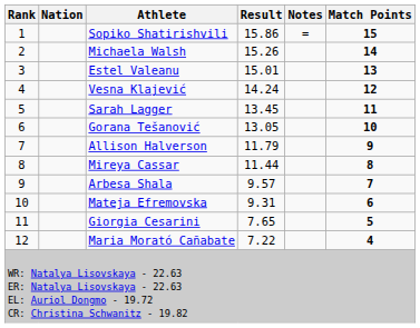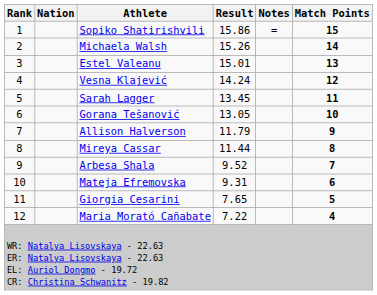 <table class="wikitable sortable" style="text-align:left;">
 <tr>
 <th>Rank</th>
 <th>Nation</th>
 <th>Athlete</th>
 <th>Result</th>
 <th>Notes</th>
 <th>Match Points</th>
 </tr>
 <tr>
 <td align=center>1</td>
 <td></td>
 <td><a href='#'>Sopiko Shatirishvili</a></td>
 <td align=center>15.86</td>
 <td align=center>=</td>
 <td align=center><strong>15</strong></td>
 </tr>
 <tr>
 <td align=center>2</td>
 <td></td>
 <td><a href='#'>Michaela Walsh</a></td>
 <td align=center>15.26</td>
 <td></td>
 <td align=center><strong>14</strong></td>
 </tr>
 <tr>
 <td align=center>3</td>
 <td></td>
 <td><a href='#'>Estel Valeanu</a></td>
 <td align=center>15.01</td>
 <td></td>
 <td align=center><strong>13</strong></td>
 </tr>
 <tr>
 <td align=center>4</td>
 <td></td>
 <td><a href='#'>Vesna Klajević</a></td>
 <td align=center>14.24</td>
 <td></td>
 <td align=center><strong>12</strong></td>
 </tr>
 <tr>
 <td align=center>5</td>
 <td></td>
 <td><a href='#'>Sarah Lagger</a></td>
 <td align=center>13.45</td>
 <td></td>
 <td align=center><strong>11</strong></td>
 </tr>
 <tr>
 <td align=center>6</td>
 <td></td>
 <td><a href='#'>Gorana Tešanović</a></td>
 <td align=center>13.05</td>
 <td align=center></td>
 <td align=center><strong>10</strong></td>
 </tr>
 <tr>
 <td align=center>7</td>
 <td></td>
 <td><a href='#'>Allison Halverson</a></td>
 <td align=center>11.79</td>
 <td align=center></td>
 <td align=center><strong>9</strong></td>
 </tr>
 <tr>
 <td align=center>8</td>
 <td></td>
 <td><a href='#'>Mireya Cassar</a></td>
 <td align=center>11.44</td>
 <td align=center></td>
 <td align=center><strong>8</strong></td>
 </tr>
 <tr>
 <td align=center>9</td>
 <td></td>
 <td><a href='#'>Arbesa Shala</a></td>
-<td align=center>9.57</td>
+<td align=center>9.52</td>
 <td align=center></td>
 <td align=center><strong>7</strong></td>
 </tr>
 <tr>
 <td align=center>10</td>
 <td></td>
 <td><a href='#'>Mateja Efremovska</a></td>
 <td align=center>9.31</td>
 <td align=center></td>
 <td align=center><strong>6</strong></td>
 </tr>
 <tr>
 <td align=center>11</td>
 <td></td>
 <td><a href='#'>Giorgia Cesarini</a></td>
 <td align=center>7.65</td>
 <td align=center></td>
 <td align=center><strong>5</strong></td>
 </tr>
 <tr>
 <td align=center>12</td>
 <td></td>
 <td><a href='#'>Maria Morató Cañabate</a></td>
 <td align=center>7.22</td>
 <td align=center></td>
 <td align=center><strong>4</strong></td>
 </tr>
 <tr>
 <td colspan="6" bgcolor="#cccccc"><br> <small>WR:  <a href='#'>Natalya Lisovskaya</a> - 22.63<br>ER:  <a href='#'>Natalya Lisovskaya</a> - 22.63<br></small> <small>EL:   <a href='#'>Auriol Dongmo</a> - 19.72<br>CR:  <a href='#'>Christina Schwanitz</a> - 19.82</small></td>
 </tr>
 </table>
